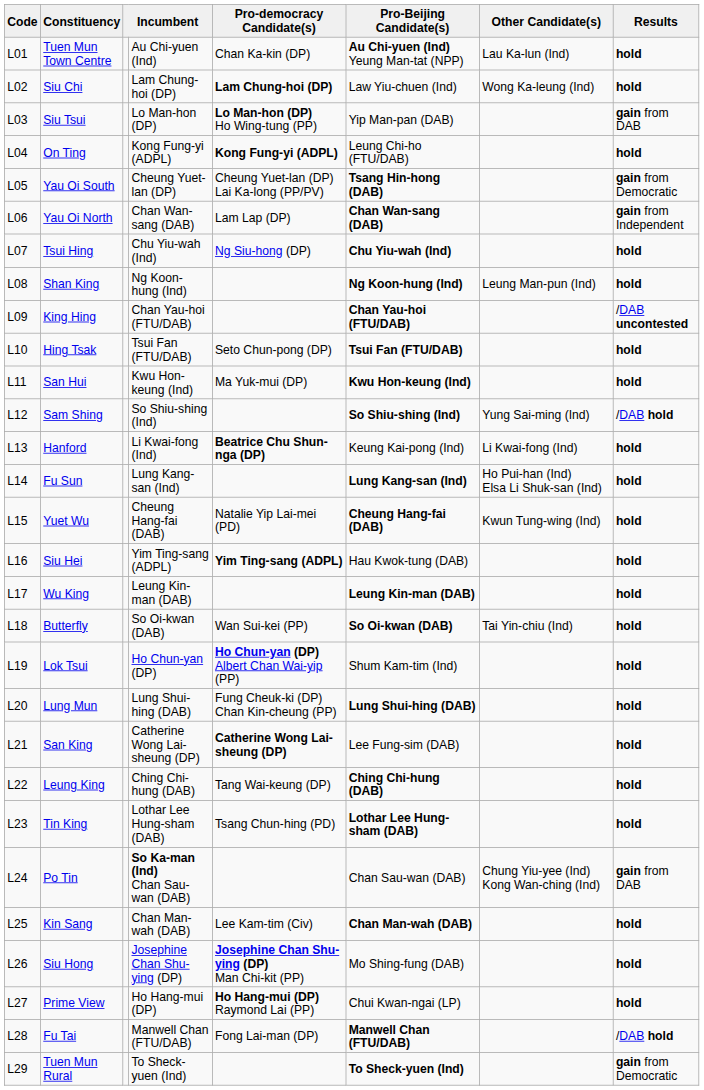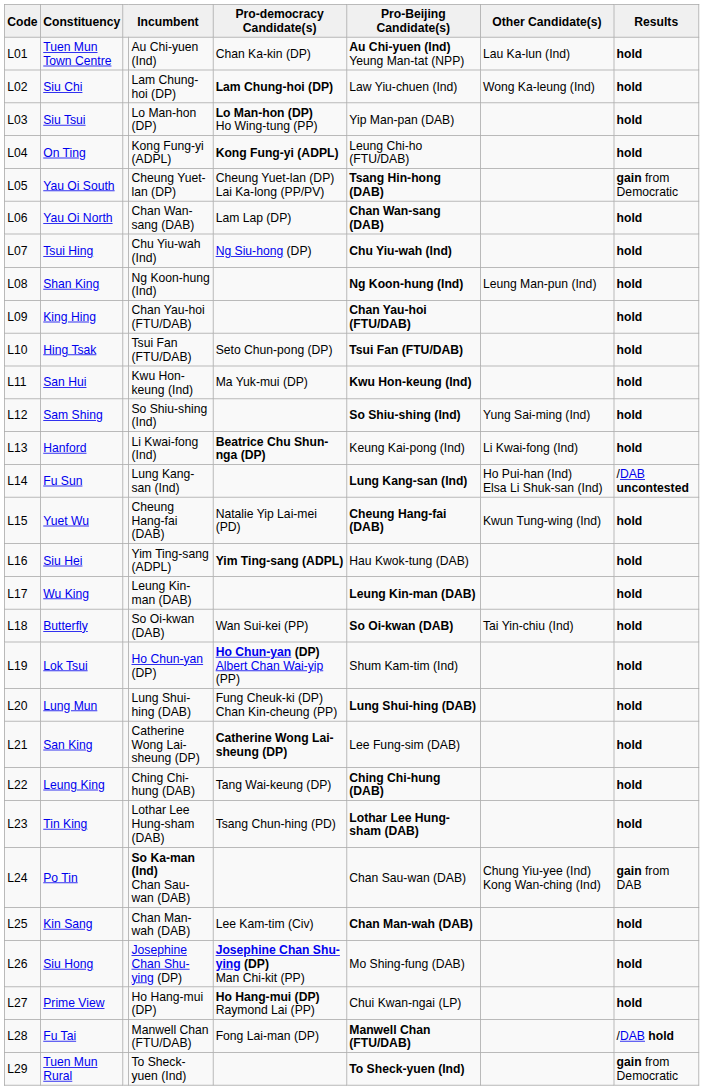 <table class="wikitable" style="font-size: 95%;">
 <tr>
 <th align="center" style="background:#f0f0f0;" width="20px">Code</th>
 <th align="center" style="background:#f0f0f0;" width="90px">Constituency</th>
 <th align="center" style="background:#f0f0f0;" width="120px" colspan=2>Incumbent</th>
 <th align="center" style="background:#f0f0f0;" width="160px">Pro-democracy Candidate(s)</th>
 <th align="center" style="background:#f0f0f0;" width="160px">Pro-Beijing Candidate(s)</th>
 <th align="center" style="background:#f0f0f0;" width="160px">Other Candidate(s)</th>
 <th align="center" style="background:#f0f0f0;" width="100px" colspan="2">Results</th>
 </tr>
 <tr>
 <td>L01</td>
 <td><a href='#'>Tuen Mun Town Centre</a></td>
 <td></td>
 <td>Au Chi-yuen (Ind)</td>
 <td>Chan Ka-kin (DP)</td>
 <td><strong>Au Chi-yuen (Ind)</strong><br>Yeung Man-tat (NPP)</td>
 <td>Lau Ka-lun (Ind)</td>
 <td> <strong>hold</strong></td>
 </tr>
 <tr>
 <td>L02</td>
 <td><a href='#'>Siu Chi</a></td>
 <td></td>
 <td>Lam Chung-hoi (DP)</td>
 <td><strong>Lam Chung-hoi (DP)</strong></td>
 <td>Law Yiu-chuen (Ind) </td>
 <td>Wong Ka-leung (Ind)</td>
 <td> <strong>hold</strong></td>
 </tr>
 <tr>
 <td>L03</td>
 <td><a href='#'>Siu Tsui</a></td>
 <td></td>
 <td>Lo Man-hon (DP)</td>
 <td><strong>Lo Man-hon (DP)</strong><br>Ho Wing-tung (PP)</td>
 <td>Yip Man-pan (DAB)</td>
 <td></td>
-<td> <strong>gain</strong> from DAB</td>
+<td> <strong>hold</strong></td>
 </tr>
 <tr>
 <td>L04</td>
 <td><a href='#'>On Ting</a></td>
 <td></td>
 <td>Kong Fung-yi (ADPL)</td>
 <td><strong>Kong Fung-yi (ADPL)</strong></td>
 <td>Leung Chi-ho (FTU/DAB)</td>
 <td></td>
 <td> <strong>hold</strong></td>
 </tr>
 <tr>
 <td>L05</td>
 <td><a href='#'>Yau Oi South</a></td>
 <td></td>
 <td>Cheung Yuet-lan (DP)</td>
 <td>Cheung Yuet-lan (DP)<br>Lai Ka-long (PP/PV)</td>
 <td><strong>Tsang Hin-hong (DAB)</strong></td>
 <td></td>
 <td> <strong>gain</strong> from Democratic</td>
 </tr>
 <tr>
 <td>L06</td>
 <td><a href='#'>Yau Oi North</a></td>
 <td></td>
 <td>Chan Wan-sang (DAB)</td>
 <td>Lam Lap (DP)</td>
 <td><strong>Chan Wan-sang (DAB)</strong></td>
 <td></td>
-<td> <strong>gain</strong> from Independent</td>
+<td> <strong>hold</strong></td>
 </tr>
 <tr>
 <td>L07</td>
 <td><a href='#'>Tsui Hing</a></td>
 <td></td>
 <td>Chu Yiu-wah (Ind)</td>
 <td><a href='#'>Ng Siu-hong</a> (DP)</td>
 <td><strong>Chu Yiu-wah (Ind)</strong></td>
 <td></td>
 <td> <strong>hold</strong></td>
 </tr>
 <tr>
 <td>L08</td>
 <td><a href='#'>Shan King</a></td>
 <td></td>
 <td>Ng Koon-hung (Ind)</td>
 <td></td>
 <td><strong>Ng Koon-hung (Ind)</strong></td>
 <td>Leung Man-pun (Ind)</td>
 <td> <strong>hold</strong></td>
 </tr>
 <tr>
 <td>L09</td>
 <td><a href='#'>King Hing</a></td>
 <td></td>
 <td>Chan Yau-hoi (FTU/DAB)</td>
 <td></td>
 <td><strong>Chan Yau-hoi (FTU/DAB)</strong></td>
 <td></td>
-<td>/<a href='#'>DAB</a> <strong>uncontested</strong></td>
+<td> <strong>hold</strong></td>
 </tr>
 <tr>
 <td>L10</td>
 <td><a href='#'>Hing Tsak</a></td>
 <td></td>
 <td>Tsui Fan (FTU/DAB)</td>
 <td>Seto Chun-pong (DP)</td>
 <td><strong>Tsui Fan (FTU/DAB)</strong></td>
 <td></td>
 <td> <strong>hold</strong></td>
 </tr>
 <tr>
 <td>L11</td>
 <td><a href='#'>San Hui</a></td>
 <td></td>
 <td>Kwu Hon-keung (Ind)</td>
 <td>Ma Yuk-mui (DP)</td>
 <td><strong>Kwu Hon-keung (Ind)</strong></td>
 <td></td>
 <td> <strong>hold</strong></td>
 </tr>
 <tr>
 <td>L12</td>
 <td><a href='#'>Sam Shing</a></td>
 <td></td>
 <td>So Shiu-shing (Ind)</td>
 <td></td>
 <td><strong>So Shiu-shing (Ind)</strong></td>
 <td>Yung Sai-ming (Ind)</td>
-<td>/<a href='#'>DAB</a> <strong>hold</strong></td>
+<td> <strong>hold</strong></td>
 </tr>
 <tr>
 <td>L13</td>
 <td><a href='#'>Hanford</a></td>
 <td></td>
 <td>Li Kwai-fong (Ind)</td>
 <td><strong>Beatrice Chu Shun-nga (DP)</strong></td>
 <td>Keung Kai-pong (Ind)</td>
 <td>Li Kwai-fong (Ind)</td>
 <td> <strong>hold</strong></td>
 </tr>
 <tr>
 <td>L14</td>
 <td><a href='#'>Fu Sun</a></td>
 <td></td>
 <td>Lung Kang-san (Ind)</td>
 <td></td>
 <td><strong>Lung Kang-san (Ind)</strong></td>
 <td>Ho Pui-han (Ind)<br>Elsa Li Shuk-san (Ind)</td>
-<td> <strong>hold</strong></td>
+<td>/<a href='#'>DAB</a> <strong>uncontested</strong></td>
 </tr>
 <tr>
 <td>L15</td>
 <td><a href='#'>Yuet Wu</a></td>
 <td></td>
 <td>Cheung Hang-fai (DAB)</td>
 <td>Natalie Yip Lai-mei (PD)</td>
 <td><strong>Cheung Hang-fai (DAB) </strong></td>
 <td>Kwun Tung-wing (Ind)</td>
 <td> <strong>hold</strong></td>
 </tr>
 <tr>
 <td>L16</td>
 <td><a href='#'>Siu Hei</a></td>
 <td></td>
 <td>Yim Ting-sang (ADPL)</td>
 <td><strong>Yim Ting-sang (ADPL)</strong></td>
 <td>Hau Kwok-tung (DAB)</td>
 <td></td>
 <td> <strong>hold</strong></td>
 </tr>
 <tr>
 <td>L17</td>
 <td><a href='#'>Wu King</a></td>
 <td></td>
 <td>Leung Kin-man (DAB)</td>
 <td></td>
 <td><strong>Leung Kin-man (DAB)</strong></td>
 <td></td>
 <td> <strong>hold</strong></td>
 </tr>
 <tr>
 <td>L18</td>
 <td><a href='#'>Butterfly</a></td>
 <td></td>
 <td>So Oi-kwan (DAB)</td>
 <td>Wan Sui-kei (PP)</td>
 <td><strong>So Oi-kwan (DAB)</strong></td>
 <td>Tai Yin-chiu (Ind)</td>
 <td> <strong>hold</strong></td>
 </tr>
 <tr>
 <td>L19</td>
 <td><a href='#'>Lok Tsui</a></td>
 <td></td>
 <td><a href='#'>Ho Chun-yan</a> (DP)</td>
 <td><strong><a href='#'>Ho Chun-yan</a> (DP)</strong><br><a href='#'>Albert Chan Wai-yip</a> (PP)</td>
 <td>Shum Kam-tim (Ind)</td>
 <td></td>
 <td> <strong>hold</strong></td>
 </tr>
 <tr>
 <td>L20</td>
 <td><a href='#'>Lung Mun</a></td>
 <td></td>
 <td>Lung Shui-hing (DAB)</td>
 <td>Fung Cheuk-ki (DP)<br>Chan Kin-cheung (PP)</td>
 <td><strong>Lung Shui-hing (DAB)</strong></td>
 <td></td>
 <td> <strong>hold</strong></td>
 </tr>
 <tr>
 <td>L21</td>
 <td><a href='#'>San King</a></td>
 <td></td>
 <td>Catherine Wong Lai-sheung (DP)</td>
 <td><strong>Catherine Wong Lai-sheung (DP)</strong></td>
 <td>Lee Fung-sim (DAB)</td>
 <td></td>
 <td> <strong>hold</strong></td>
 </tr>
 <tr>
 <td>L22</td>
 <td><a href='#'>Leung King</a></td>
 <td></td>
 <td>Ching Chi-hung (DAB)</td>
 <td>Tang Wai-keung (DP)</td>
 <td><strong>Ching Chi-hung (DAB)</strong></td>
 <td></td>
 <td> <strong>hold</strong></td>
 </tr>
 <tr>
 <td>L23</td>
 <td><a href='#'>Tin King</a></td>
 <td></td>
 <td>Lothar Lee Hung-sham (DAB)</td>
 <td>Tsang Chun-hing (PD)</td>
 <td><strong>Lothar Lee Hung-sham (DAB)</strong></td>
 <td></td>
 <td> <strong>hold</strong></td>
 </tr>
 <tr>
 <td>L24</td>
 <td><a href='#'>Po Tin</a></td>
 <td></td>
 <td><strong>So Ka-man (Ind)</strong> <br>Chan Sau-wan (DAB)</td>
 <td></td>
 <td>Chan Sau-wan (DAB)</td>
 <td>Chung Yiu-yee (Ind)<br>Kong Wan-ching (Ind)</td>
 <td> <strong>gain</strong> from DAB</td>
 </tr>
 <tr>
 <td>L25</td>
 <td><a href='#'>Kin Sang</a></td>
 <td></td>
 <td>Chan Man-wah (DAB)</td>
 <td>Lee Kam-tim (Civ)</td>
 <td><strong>Chan Man-wah (DAB)</strong></td>
 <td></td>
 <td> <strong>hold</strong></td>
 </tr>
 <tr>
 <td>L26</td>
 <td><a href='#'>Siu Hong</a></td>
 <td></td>
 <td><a href='#'>Josephine Chan Shu-ying</a> (DP)</td>
 <td><strong><a href='#'>Josephine Chan Shu-ying</a> (DP)</strong><br>Man Chi-kit (PP)</td>
 <td>Mo Shing-fung (DAB)</td>
 <td></td>
 <td> <strong>hold</strong></td>
 </tr>
 <tr>
 <td>L27</td>
 <td><a href='#'>Prime View</a></td>
 <td></td>
 <td>Ho Hang-mui (DP)</td>
 <td><strong> Ho Hang-mui (DP) </strong> <br>Raymond Lai (PP)</td>
 <td>Chui Kwan-ngai (LP)</td>
 <td></td>
 <td> <strong>hold</strong></td>
 </tr>
 <tr>
 <td>L28</td>
 <td><a href='#'>Fu Tai</a></td>
 <td></td>
 <td>Manwell Chan (FTU/DAB)</td>
 <td>Fong Lai-man (DP)</td>
 <td><strong>Manwell Chan (FTU/DAB)</strong></td>
 <td></td>
 <td>/<a href='#'>DAB</a> <strong>hold</strong></td>
 </tr>
 <tr>
 <td>L29</td>
 <td><a href='#'>Tuen Mun Rural</a></td>
 <td></td>
 <td>To Sheck-yuen (Ind)</td>
 <td></td>
 <td><strong>To Sheck-yuen (Ind)</strong></td>
 <td></td>
 <td> <strong>gain</strong> from Democratic</td>
 </tr>
 </table>
